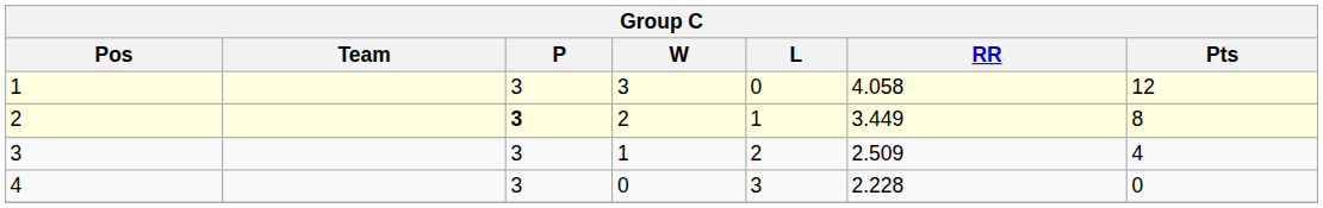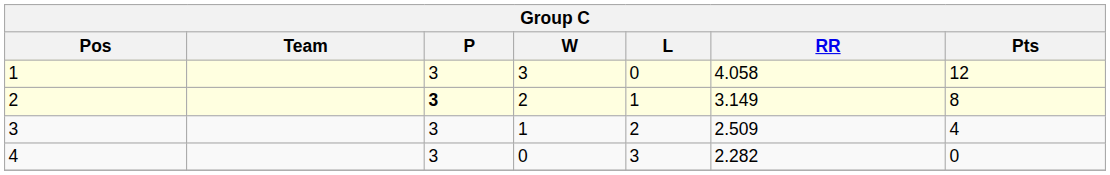 <table class="wikitable" width="80%">
 <tr bgcolor="#efefef">
 <th colspan=7>Group C</th>
 </tr>
 <tr bgcolor="#efefef">
 <th>Pos</th>
 <th>Team</th>
 <th>P</th>
 <th>W</th>
 <th>L</th>
 <th><a href='#'>RR</a></th>
 <th>Pts</th>
 </tr>
 <tr bgcolor="#ffffe0">
 <td>1</td>
 <td></td>
 <td>3</td>
 <td>3</td>
 <td>0</td>
 <td>4.058</td>
 <td>12</td>
 </tr>
 <tr bgcolor="#ffffe0">
 <td>2</td>
 <td></td>
 <td><strong>3</strong></td>
 <td>2</td>
 <td>1</td>
-<td>3.449</td>
+<td>3.149</td>
 <td>8</td>
 </tr>
 <tr>
 <td>3</td>
 <td></td>
 <td>3</td>
 <td>1</td>
 <td>2</td>
 <td>2.509</td>
 <td>4</td>
 </tr>
 <tr>
 <td>4</td>
 <td></td>
 <td>3</td>
 <td>0</td>
 <td>3</td>
-<td>2.228</td>
+<td>2.282</td>
 <td>0</td>
 </tr>
 <tr>
 </tr>
 </table>
